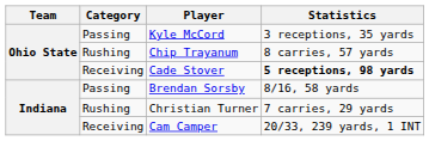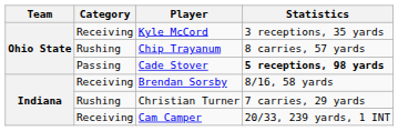 <table class="wikitable" style="float:right">
 <tr>
 <th>Team</th>
 <th>Category</th>
 <th>Player</th>
 <th>Statistics</th>
 </tr>
 <tr>
 <th rowspan=3>Ohio State</th>
-<td>Passing</td>
+<td>Receiving</td>
 <td><a href='#'>Kyle McCord</a></td>
 <td>3 receptions, 35 yards</td>
 </tr>
 <tr>
 <td>Rushing</td>
 <td><a href='#'>Chip Trayanum</a></td>
 <td>8 carries, 57 yards</td>
 </tr>
 <tr>
-<td>Receiving</td>
+<td>Passing</td>
 <td><a href='#'>Cade Stover</a></td>
 <td><strong>5 receptions, 98 yards</strong></td>
 </tr>
 <tr>
 <th rowspan=3>Indiana</th>
-<td>Passing</td>
+<td>Receiving</td>
 <td><a href='#'>Brendan Sorsby</a></td>
 <td>8/16, 58 yards</td>
 </tr>
 <tr>
 <td>Rushing</td>
 <td>Christian Turner</td>
 <td>7 carries, 29 yards</td>
 </tr>
 <tr>
 <td>Receiving</td>
 <td><a href='#'>Cam Camper</a></td>
 <td>20/33, 239 yards, 1 INT</td>
 </tr>
 </table>
